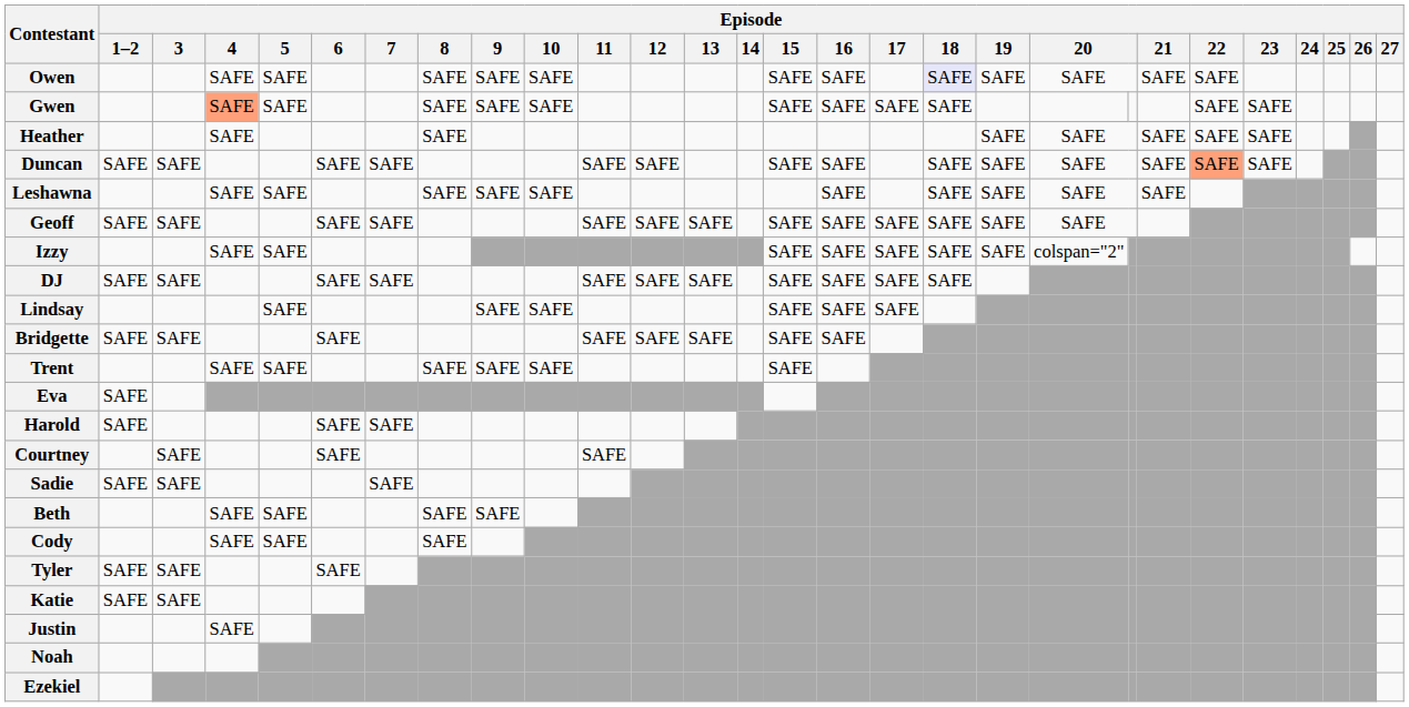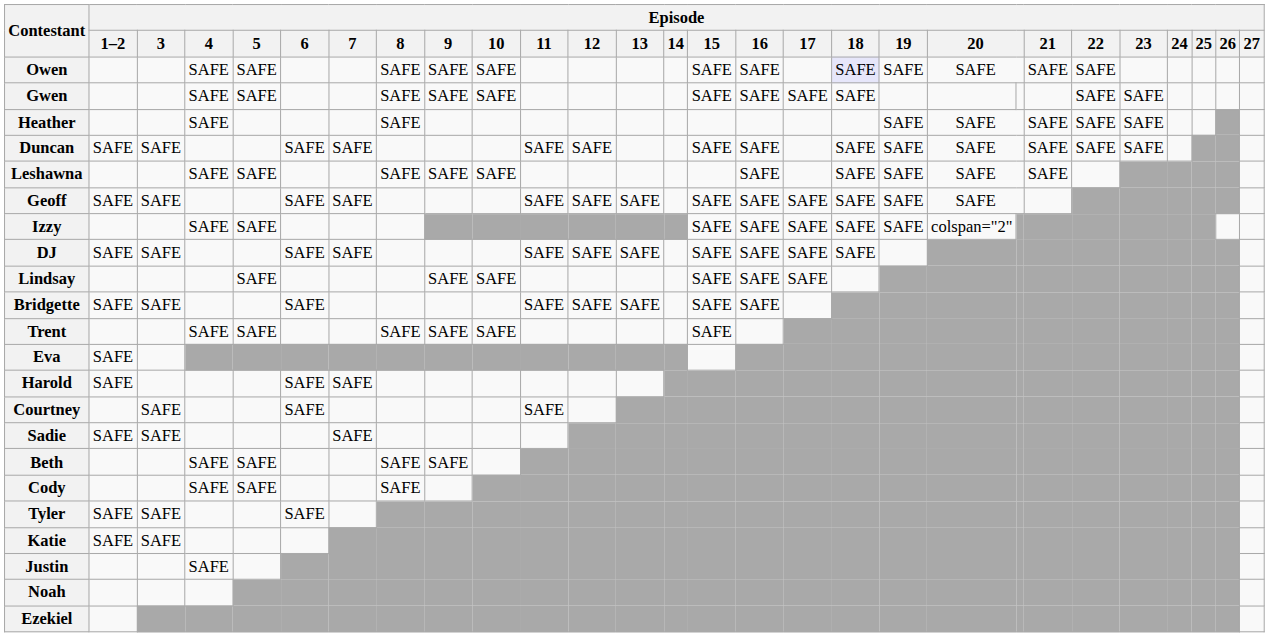 <table class="wikitable" style="text-align:center;">
 <tr>
 <th scope="col" rowspan="2">Contestant</th>
 <th scope="col" colspan="100%">Episode<br>                                                  </th>
 </tr>
 <tr>
 <th scope="col">1–2</th>
 <th scope="col">3</th>
 <th scope="col">4</th>
 <th scope="col">5</th>
 <th scope="col">6</th>
 <th scope="col">7</th>
 <th scope="col">8</th>
 <th scope="col">9</th>
 <th scope="col">10</th>
 <th scope="col">11</th>
 <th scope="col">12</th>
 <th scope="col">13</th>
 <th scope="col">14</th>
 <th scope="col">15</th>
 <th scope="col">16</th>
 <th scope="col">17</th>
 <th scope="col">18</th>
 <th scope="col">19</th>
 <th scope="col" colspan="2">20<br></th>
 <th scope="col">21</th>
 <th scope="col">22</th>
 <th scope="col">23</th>
 <th scope="col">24</th>
 <th scope="col">25</th>
 <th scope="col">26</th>
 <th scope="col">27</th>
 </tr>
 <tr>
 <th scope="row">Owen</th>
 <td></td>
 <td></td>
 <td>SAFE</td>
 <td>SAFE</td>
 <td></td>
 <td></td>
 <td>SAFE</td>
 <td>SAFE</td>
 <td>SAFE</td>
 <td></td>
 <td></td>
 <td></td>
 <td></td>
 <td>SAFE</td>
 <td>SAFE</td>
 <td></td>
 <td style="background: lavender;">SAFE</td>
 <td>SAFE</td>
 <td colspan="2">SAFE<br></td>
 <td>SAFE</td>
 <td>SAFE</td>
 <td></td>
 <td></td>
 <td></td>
 <td></td>
 <td></td>
 </tr>
 <tr>
 <th scope="row">Gwen</th>
 <td></td>
 <td></td>
-<td style="background: lightsalmon;">SAFE</td>
+<td>SAFE</td>
 <td>SAFE</td>
 <td></td>
 <td></td>
 <td>SAFE</td>
 <td>SAFE</td>
 <td>SAFE</td>
 <td></td>
 <td></td>
 <td></td>
 <td></td>
 <td>SAFE</td>
 <td>SAFE</td>
 <td>SAFE</td>
 <td>SAFE</td>
 <td></td>
 <td></td>
 <td></td>
 <td></td>
 <td>SAFE</td>
 <td>SAFE</td>
 <td></td>
 <td></td>
 <td></td>
 <td></td>
 </tr>
 <tr>
 <th scope="row">Heather</th>
 <td></td>
 <td></td>
 <td>SAFE</td>
 <td></td>
 <td></td>
 <td></td>
 <td>SAFE</td>
 <td></td>
 <td></td>
 <td></td>
 <td></td>
 <td></td>
 <td></td>
 <td></td>
 <td></td>
 <td></td>
 <td></td>
 <td>SAFE</td>
 <td colspan="2">SAFE<br></td>
 <td>SAFE</td>
 <td>SAFE</td>
 <td>SAFE</td>
 <td></td>
 <td></td>
 <td style="background:darkgray; border:none;"></td>
 <td></td>
 </tr>
 <tr>
 <th scope="row">Duncan</th>
 <td>SAFE</td>
 <td>SAFE</td>
 <td></td>
 <td></td>
 <td>SAFE</td>
 <td>SAFE</td>
 <td></td>
 <td></td>
 <td></td>
 <td>SAFE</td>
 <td>SAFE</td>
 <td></td>
 <td></td>
 <td>SAFE</td>
 <td>SAFE</td>
 <td></td>
 <td>SAFE</td>
 <td>SAFE</td>
 <td colspan="2">SAFE<br></td>
 <td>SAFE</td>
-<td style="background: lightsalmon;">SAFE</td>
+<td>SAFE</td>
 <td>SAFE</td>
 <td></td>
 <td style="background:darkgray; border:none;"></td>
 <td style="background:darkgray; border:none;"></td>
 <td></td>
 </tr>
 <tr>
 <th scope="row">Leshawna</th>
 <td></td>
 <td></td>
 <td>SAFE</td>
 <td>SAFE</td>
 <td></td>
 <td></td>
 <td>SAFE</td>
 <td>SAFE</td>
 <td>SAFE</td>
 <td></td>
 <td></td>
 <td></td>
 <td></td>
 <td></td>
 <td>SAFE</td>
 <td></td>
 <td>SAFE</td>
 <td>SAFE</td>
 <td colspan="2">SAFE<br></td>
 <td>SAFE</td>
 <td></td>
 <td style="background:darkgray; border:none;"></td>
 <td style="background:darkgray; border:none;"></td>
 <td style="background:darkgray; border:none;"></td>
 <td style="background:darkgray; border:none;"></td>
 <td></td>
 </tr>
 <tr>
 <th scope="row">Geoff</th>
 <td>SAFE</td>
 <td>SAFE</td>
 <td></td>
 <td></td>
 <td>SAFE</td>
 <td>SAFE</td>
 <td></td>
 <td></td>
 <td></td>
 <td>SAFE</td>
 <td>SAFE</td>
 <td>SAFE</td>
 <td></td>
 <td>SAFE</td>
 <td>SAFE</td>
 <td>SAFE</td>
 <td>SAFE</td>
 <td>SAFE</td>
 <td colspan="2">SAFE<br></td>
 <td></td>
 <td style="background:darkgray; border:none;"></td>
 <td style="background:darkgray; border:none;"></td>
 <td style="background:darkgray; border:none;"></td>
 <td style="background:darkgray; border:none;"></td>
 <td style="background:darkgray; border:none;"></td>
 <td></td>
 </tr>
 <tr>
 <th scope="row">Izzy</th>
 <td></td>
 <td></td>
 <td>SAFE</td>
 <td>SAFE</td>
 <td></td>
 <td></td>
 <td></td>
 <td style="background:darkgray; border:none;"></td>
 <td style="background:darkgray; border:none;"></td>
 <td style="background:darkgray; border:none;"></td>
 <td style="background:darkgray; border:none;"></td>
 <td style="background:darkgray; border:none;"></td>
 <td style="background:darkgray; border:none;"></td>
 <td>SAFE</td>
 <td>SAFE</td>
 <td>SAFE</td>
 <td>SAFE</td>
 <td>SAFE</td>
 <td>colspan="2" <br></td>
 <td style="background:darkgray; border:none;"></td>
 <td style="background:darkgray; border:none;"></td>
 <td style="background:darkgray; border:none;"></td>
 <td style="background:darkgray; border:none;"></td>
 <td style="background:darkgray; border:none;"></td>
 <td style="background:darkgray; border:none;"></td>
 <td></td>
 </tr>
 <tr>
 <th scope="row">DJ</th>
 <td>SAFE</td>
 <td>SAFE</td>
 <td></td>
 <td></td>
 <td>SAFE</td>
 <td>SAFE</td>
 <td></td>
 <td></td>
 <td></td>
 <td>SAFE</td>
 <td>SAFE</td>
 <td>SAFE</td>
 <td></td>
 <td>SAFE</td>
 <td>SAFE</td>
 <td>SAFE</td>
 <td>SAFE</td>
 <td></td>
 <td style="background:darkgray; border:none;"></td>
 <td style="background:darkgray; border:none;"></td>
 <td style="background:darkgray; border:none;"></td>
 <td style="background:darkgray; border:none;"></td>
 <td style="background:darkgray; border:none;"></td>
 <td style="background:darkgray; border:none;"></td>
 <td style="background:darkgray; border:none;"></td>
 <td style="background:darkgray; border:none;"></td>
 <td></td>
 </tr>
 <tr>
 <th scope="row">Lindsay</th>
 <td></td>
 <td></td>
 <td></td>
 <td>SAFE</td>
 <td></td>
 <td></td>
 <td></td>
 <td>SAFE</td>
 <td>SAFE</td>
 <td></td>
 <td></td>
 <td></td>
 <td></td>
 <td>SAFE</td>
 <td>SAFE</td>
 <td>SAFE</td>
 <td></td>
 <td style="background:darkgray; border:none;"></td>
 <td style="background:darkgray; border:none;"></td>
 <td style="background:darkgray; border:none;"></td>
 <td style="background:darkgray; border:none;"></td>
 <td style="background:darkgray; border:none;"></td>
 <td style="background:darkgray; border:none;"></td>
 <td style="background:darkgray; border:none;"></td>
 <td style="background:darkgray; border:none;"></td>
 <td style="background:darkgray; border:none;"></td>
 <td></td>
 </tr>
 <tr>
 <th scope="row">Bridgette</th>
 <td>SAFE</td>
 <td>SAFE</td>
 <td></td>
 <td></td>
 <td>SAFE</td>
 <td></td>
 <td></td>
 <td></td>
 <td></td>
 <td>SAFE</td>
 <td>SAFE</td>
 <td>SAFE</td>
 <td></td>
 <td>SAFE</td>
 <td>SAFE</td>
 <td></td>
 <td style="background:darkgray; border:none;"></td>
 <td style="background:darkgray; border:none;"></td>
 <td style="background:darkgray; border:none;"></td>
 <td style="background:darkgray; border:none;"></td>
 <td style="background:darkgray; border:none;"></td>
 <td style="background:darkgray; border:none;"></td>
 <td style="background:darkgray; border:none;"></td>
 <td style="background:darkgray; border:none;"></td>
 <td style="background:darkgray; border:none;"></td>
 <td style="background:darkgray; border:none;"></td>
 <td></td>
 </tr>
 <tr>
 <th scope="row">Trent</th>
 <td></td>
 <td></td>
 <td>SAFE</td>
 <td>SAFE</td>
 <td></td>
 <td></td>
 <td>SAFE</td>
 <td>SAFE</td>
 <td>SAFE</td>
 <td></td>
 <td></td>
 <td></td>
 <td></td>
 <td>SAFE</td>
 <td></td>
 <td style="background:darkgray; border:none;"></td>
 <td style="background:darkgray; border:none;"></td>
 <td style="background:darkgray; border:none;"></td>
 <td style="background:darkgray; border:none;"></td>
 <td style="background:darkgray; border:none;"></td>
 <td style="background:darkgray; border:none;"></td>
 <td style="background:darkgray; border:none;"></td>
 <td style="background:darkgray; border:none;"></td>
 <td style="background:darkgray; border:none;"></td>
 <td style="background:darkgray; border:none;"></td>
 <td style="background:darkgray; border:none;"></td>
 <td></td>
 </tr>
 <tr>
 <th scope="row">Eva</th>
 <td>SAFE</td>
 <td></td>
 <td style="background:darkgray; border:none;"></td>
 <td style="background:darkgray; border:none;"></td>
 <td style="background:darkgray; border:none;"></td>
 <td style="background:darkgray; border:none;"></td>
 <td style="background:darkgray; border:none;"></td>
 <td style="background:darkgray; border:none;"></td>
 <td style="background:darkgray; border:none;"></td>
 <td style="background:darkgray; border:none;"></td>
 <td style="background:darkgray; border:none;"></td>
 <td style="background:darkgray; border:none;"></td>
 <td style="background:darkgray; border:none;"></td>
 <td></td>
 <td style="background:darkgray; border:none;"></td>
 <td style="background:darkgray; border:none;"></td>
 <td style="background:darkgray; border:none;"></td>
 <td style="background:darkgray; border:none;"></td>
 <td style="background:darkgray; border:none;"></td>
 <td style="background:darkgray; border:none;"></td>
 <td style="background:darkgray; border:none;"></td>
 <td style="background:darkgray; border:none;"></td>
 <td style="background:darkgray; border:none;"></td>
 <td style="background:darkgray; border:none;"></td>
 <td style="background:darkgray; border:none;"></td>
 <td style="background:darkgray; border:none;"></td>
 <td></td>
 </tr>
 <tr>
 <th scope="row">Harold</th>
 <td>SAFE</td>
 <td></td>
 <td></td>
 <td></td>
 <td>SAFE</td>
 <td>SAFE</td>
 <td></td>
 <td></td>
 <td></td>
 <td></td>
 <td></td>
 <td></td>
 <td style="background:darkgray; border:none;"></td>
 <td style="background:darkgray; border:none;"></td>
 <td style="background:darkgray; border:none;"></td>
 <td style="background:darkgray; border:none;"></td>
 <td style="background:darkgray; border:none;"></td>
 <td style="background:darkgray; border:none;"></td>
 <td style="background:darkgray; border:none;"></td>
 <td style="background:darkgray; border:none;"></td>
 <td style="background:darkgray; border:none;"></td>
 <td style="background:darkgray; border:none;"></td>
 <td style="background:darkgray; border:none;"></td>
 <td style="background:darkgray; border:none;"></td>
 <td style="background:darkgray; border:none;"></td>
 <td style="background:darkgray; border:none;"></td>
 <td></td>
 </tr>
 <tr>
 <th scope="row">Courtney</th>
 <td></td>
 <td>SAFE</td>
 <td></td>
 <td></td>
 <td>SAFE</td>
 <td></td>
 <td></td>
 <td></td>
 <td></td>
 <td>SAFE</td>
 <td></td>
 <td style="background:darkgray; border:none;"></td>
 <td style="background:darkgray; border:none;"></td>
 <td style="background:darkgray; border:none;"></td>
 <td style="background:darkgray; border:none;"></td>
 <td style="background:darkgray; border:none;"></td>
 <td style="background:darkgray; border:none;"></td>
 <td style="background:darkgray; border:none;"></td>
 <td style="background:darkgray; border:none;"></td>
 <td style="background:darkgray; border:none;"></td>
 <td style="background:darkgray; border:none;"></td>
 <td style="background:darkgray; border:none;"></td>
 <td style="background:darkgray; border:none;"></td>
 <td style="background:darkgray; border:none;"></td>
 <td style="background:darkgray; border:none;"></td>
 <td style="background:darkgray; border:none;"></td>
 <td></td>
 </tr>
 <tr>
 <th scope="row">Sadie</th>
 <td>SAFE</td>
 <td>SAFE</td>
 <td></td>
 <td></td>
 <td></td>
 <td>SAFE</td>
 <td></td>
 <td></td>
 <td></td>
 <td></td>
 <td style="background:darkgray; border:none;"></td>
 <td style="background:darkgray; border:none;"></td>
 <td style="background:darkgray; border:none;"></td>
 <td style="background:darkgray; border:none;"></td>
 <td style="background:darkgray; border:none;"></td>
 <td style="background:darkgray; border:none;"></td>
 <td style="background:darkgray; border:none;"></td>
 <td style="background:darkgray; border:none;"></td>
 <td style="background:darkgray; border:none;"></td>
 <td style="background:darkgray; border:none;"></td>
 <td style="background:darkgray; border:none;"></td>
 <td style="background:darkgray; border:none;"></td>
 <td style="background:darkgray; border:none;"></td>
 <td style="background:darkgray; border:none;"></td>
 <td style="background:darkgray; border:none;"></td>
 <td style="background:darkgray; border:none;"></td>
 <td></td>
 </tr>
 <tr>
 <th scope="row">Beth</th>
 <td></td>
 <td></td>
 <td>SAFE</td>
 <td>SAFE</td>
 <td></td>
 <td></td>
 <td>SAFE</td>
 <td>SAFE</td>
 <td></td>
 <td style="background:darkgray; border:none;"></td>
 <td style="background:darkgray; border:none;"></td>
 <td style="background:darkgray; border:none;"></td>
 <td style="background:darkgray; border:none;"></td>
 <td style="background:darkgray; border:none;"></td>
 <td style="background:darkgray; border:none;"></td>
 <td style="background:darkgray; border:none;"></td>
 <td style="background:darkgray; border:none;"></td>
 <td style="background:darkgray; border:none;"></td>
 <td style="background:darkgray; border:none;"></td>
 <td style="background:darkgray; border:none;"></td>
 <td style="background:darkgray; border:none;"></td>
 <td style="background:darkgray; border:none;"></td>
 <td style="background:darkgray; border:none;"></td>
 <td style="background:darkgray; border:none;"></td>
 <td style="background:darkgray; border:none;"></td>
 <td style="background:darkgray; border:none;"></td>
 <td></td>
 </tr>
 <tr>
 <th scope="row">Cody</th>
 <td></td>
 <td></td>
 <td>SAFE</td>
 <td>SAFE</td>
 <td></td>
 <td></td>
 <td>SAFE</td>
 <td></td>
 <td style="background:darkgray; border:none;"></td>
 <td style="background:darkgray; border:none;"></td>
 <td style="background:darkgray; border:none;"></td>
 <td style="background:darkgray; border:none;"></td>
 <td style="background:darkgray; border:none;"></td>
 <td style="background:darkgray; border:none;"></td>
 <td style="background:darkgray; border:none;"></td>
 <td style="background:darkgray; border:none;"></td>
 <td style="background:darkgray; border:none;"></td>
 <td style="background:darkgray; border:none;"></td>
 <td style="background:darkgray; border:none;"></td>
 <td style="background:darkgray; border:none;"></td>
 <td style="background:darkgray; border:none;"></td>
 <td style="background:darkgray; border:none;"></td>
 <td style="background:darkgray; border:none;"></td>
 <td style="background:darkgray; border:none;"></td>
 <td style="background:darkgray; border:none;"></td>
 <td style="background:darkgray; border:none;"></td>
 <td></td>
 </tr>
 <tr>
 <th scope="row">Tyler</th>
 <td>SAFE</td>
 <td>SAFE</td>
 <td></td>
 <td></td>
 <td>SAFE</td>
 <td></td>
 <td style="background:darkgray; border:none;"></td>
 <td style="background:darkgray; border:none;"></td>
 <td style="background:darkgray; border:none;"></td>
 <td style="background:darkgray; border:none;"></td>
 <td style="background:darkgray; border:none;"></td>
 <td style="background:darkgray; border:none;"></td>
 <td style="background:darkgray; border:none;"></td>
 <td style="background:darkgray; border:none;"></td>
 <td style="background:darkgray; border:none;"></td>
 <td style="background:darkgray; border:none;"></td>
 <td style="background:darkgray; border:none;"></td>
 <td style="background:darkgray; border:none;"></td>
 <td style="background:darkgray; border:none;"></td>
 <td style="background:darkgray; border:none;"></td>
 <td style="background:darkgray; border:none;"></td>
 <td style="background:darkgray; border:none;"></td>
 <td style="background:darkgray; border:none;"></td>
 <td style="background:darkgray; border:none;"></td>
 <td style="background:darkgray; border:none;"></td>
 <td style="background:darkgray; border:none;"></td>
 <td></td>
 </tr>
 <tr>
 <th scope="row">Katie</th>
 <td>SAFE</td>
 <td>SAFE</td>
 <td></td>
 <td></td>
 <td></td>
 <td style="background:darkgray; border:none;"></td>
 <td style="background:darkgray; border:none;"></td>
 <td style="background:darkgray; border:none;"></td>
 <td style="background:darkgray; border:none;"></td>
 <td style="background:darkgray; border:none;"></td>
 <td style="background:darkgray; border:none;"></td>
 <td style="background:darkgray; border:none;"></td>
 <td style="background:darkgray; border:none;"></td>
 <td style="background:darkgray; border:none;"></td>
 <td style="background:darkgray; border:none;"></td>
 <td style="background:darkgray; border:none;"></td>
 <td style="background:darkgray; border:none;"></td>
 <td style="background:darkgray; border:none;"></td>
 <td style="background:darkgray; border:none;"></td>
 <td style="background:darkgray; border:none;"></td>
 <td style="background:darkgray; border:none;"></td>
 <td style="background:darkgray; border:none;"></td>
 <td style="background:darkgray; border:none;"></td>
 <td style="background:darkgray; border:none;"></td>
 <td style="background:darkgray; border:none;"></td>
 <td style="background:darkgray; border:none;"></td>
 <td></td>
 </tr>
 <tr>
 <th scope="row">Justin</th>
 <td></td>
 <td></td>
 <td>SAFE</td>
 <td></td>
 <td style="background:darkgray; border:none;"></td>
 <td style="background:darkgray; border:none;"></td>
 <td style="background:darkgray; border:none;"></td>
 <td style="background:darkgray; border:none;"></td>
 <td style="background:darkgray; border:none;"></td>
 <td style="background:darkgray; border:none;"></td>
 <td style="background:darkgray; border:none;"></td>
 <td style="background:darkgray; border:none;"></td>
 <td style="background:darkgray; border:none;"></td>
 <td style="background:darkgray; border:none;"></td>
 <td style="background:darkgray; border:none;"></td>
 <td style="background:darkgray; border:none;"></td>
 <td style="background:darkgray; border:none;"></td>
 <td style="background:darkgray; border:none;"></td>
 <td style="background:darkgray; border:none;"></td>
 <td style="background:darkgray; border:none;"></td>
 <td style="background:darkgray; border:none;"></td>
 <td style="background:darkgray; border:none;"></td>
 <td style="background:darkgray; border:none;"></td>
 <td style="background:darkgray; border:none;"></td>
 <td style="background:darkgray; border:none;"></td>
 <td style="background:darkgray; border:none;"></td>
 <td></td>
 </tr>
 <tr>
 <th scope="row">Noah</th>
 <td></td>
 <td></td>
 <td></td>
 <td style="background:darkgray; border:none;"></td>
 <td style="background:darkgray; border:none;"></td>
 <td style="background:darkgray; border:none;"></td>
 <td style="background:darkgray; border:none;"></td>
 <td style="background:darkgray; border:none;"></td>
 <td style="background:darkgray; border:none;"></td>
 <td style="background:darkgray; border:none;"></td>
 <td style="background:darkgray; border:none;"></td>
 <td style="background:darkgray; border:none;"></td>
 <td style="background:darkgray; border:none;"></td>
 <td style="background:darkgray; border:none;"></td>
 <td style="background:darkgray; border:none;"></td>
 <td style="background:darkgray; border:none;"></td>
 <td style="background:darkgray; border:none;"></td>
 <td style="background:darkgray; border:none;"></td>
 <td style="background:darkgray; border:none;"></td>
 <td style="background:darkgray; border:none;"></td>
 <td style="background:darkgray; border:none;"></td>
 <td style="background:darkgray; border:none;"></td>
 <td style="background:darkgray; border:none;"></td>
 <td style="background:darkgray; border:none;"></td>
 <td style="background:darkgray; border:none;"></td>
 <td style="background:darkgray; border:none;"></td>
 <td></td>
 </tr>
 <tr>
 <th scope="row">Ezekiel</th>
 <td></td>
 <td style="background:darkgray; border:none;"></td>
 <td style="background:darkgray; border:none;"></td>
 <td style="background:darkgray; border:none;"></td>
 <td style="background:darkgray; border:none;"></td>
 <td style="background:darkgray; border:none;"></td>
 <td style="background:darkgray; border:none;"></td>
 <td style="background:darkgray; border:none;"></td>
 <td style="background:darkgray; border:none;"></td>
 <td style="background:darkgray; border:none;"></td>
 <td style="background:darkgray; border:none;"></td>
 <td style="background:darkgray; border:none;"></td>
 <td style="background:darkgray; border:none;"></td>
 <td style="background:darkgray; border:none;"></td>
 <td style="background:darkgray; border:none;"></td>
 <td style="background:darkgray; border:none;"></td>
 <td style="background:darkgray; border:none;"></td>
 <td style="background:darkgray; border:none;"></td>
 <td style="background:darkgray; border:none;"></td>
 <td style="background:darkgray; border:none;"></td>
 <td style="background:darkgray; border:none;"></td>
 <td style="background:darkgray; border:none;"></td>
 <td style="background:darkgray; border:none;"></td>
 <td style="background:darkgray; border:none;"></td>
 <td style="background:darkgray; border:none;"></td>
 <td style="background:darkgray; border:none;"></td>
 <td></td>
 </tr>
 </table>
